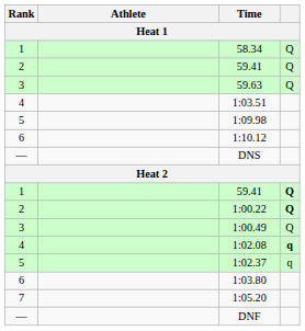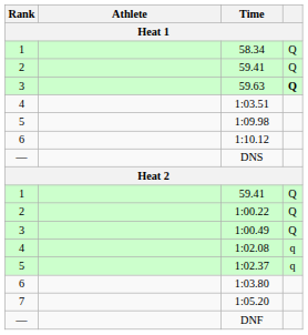 <table class=wikitable style="text-align:center">
 <tr>
 <th width=40>Rank</th>
 <th width=250>Athlete</th>
 <th width=80>Time</th>
 <th width=20></th>
 </tr>
 <tr>
 <th colspan=4>Heat 1</th>
 </tr>
 <tr bgcolor="ccffcc">
 <td>1</td>
 <td align=left></td>
 <td>58.34</td>
 <td>Q</td>
 </tr>
 <tr bgcolor="ccffcc">
 <td>2</td>
 <td align=left></td>
 <td>59.41</td>
 <td>Q</td>
 </tr>
 <tr bgcolor="ccffcc">
 <td>3</td>
 <td align=left></td>
 <td>59.63</td>
-<td>Q</td>
+<td><strong>Q</strong></td>
 </tr>
 <tr>
 <td>4</td>
 <td align=left></td>
 <td>1:03.51</td>
 <td></td>
 </tr>
 <tr>
 <td>5</td>
 <td align=left></td>
 <td>1:09.98</td>
 <td></td>
 </tr>
 <tr>
 <td>6</td>
 <td align=left></td>
 <td>1:10.12</td>
 <td></td>
 </tr>
 <tr>
 <td>—</td>
 <td align=left></td>
 <td>DNS</td>
 <td></td>
 </tr>
 <tr>
 <th colspan=4>Heat 2</th>
 </tr>
 <tr bgcolor="ccffcc">
 <td>1</td>
 <td align=left></td>
 <td>59.41</td>
-<td><strong>Q</strong></td>
+<td>Q</td>
 </tr>
 <tr bgcolor="ccffcc">
 <td>2</td>
 <td align=left></td>
 <td>1:00.22</td>
-<td><strong>Q</strong></td>
+<td>Q</td>
 </tr>
 <tr bgcolor="ccffcc">
 <td>3</td>
 <td align=left></td>
 <td>1:00.49</td>
 <td>Q</td>
 </tr>
 <tr bgcolor="ccffcc">
 <td>4</td>
 <td align=left></td>
 <td>1:02.08</td>
-<td><strong>q</strong></td>
+<td>q</td>
 </tr>
 <tr bgcolor="ccffcc">
 <td>5</td>
 <td align=left></td>
 <td>1:02.37</td>
 <td>q</td>
 </tr>
 <tr>
 <td>6</td>
 <td align=left></td>
 <td>1:03.80</td>
 <td></td>
 </tr>
 <tr>
 <td>7</td>
 <td align=left></td>
 <td>1:05.20</td>
 <td></td>
 </tr>
 <tr>
 <td>—</td>
 <td align=left></td>
 <td>DNF</td>
 <td></td>
 </tr>
 </table>
